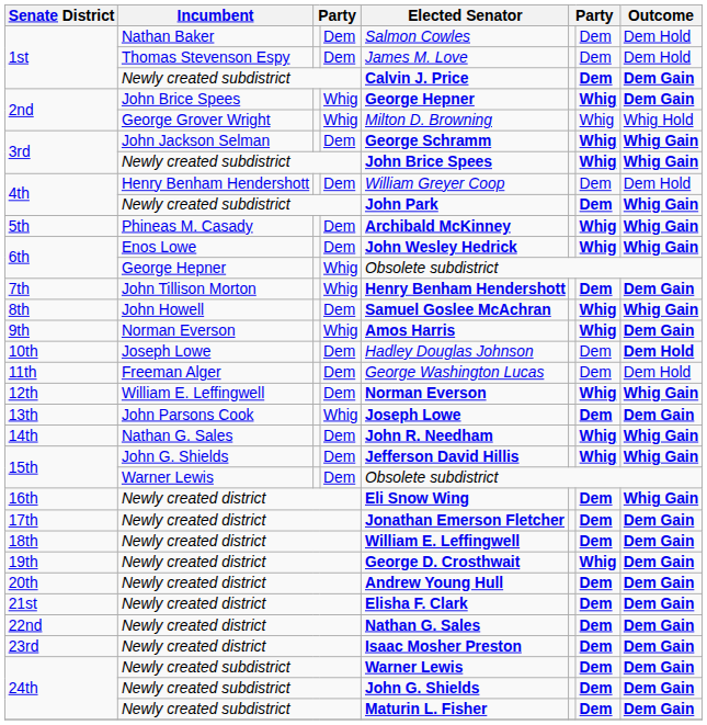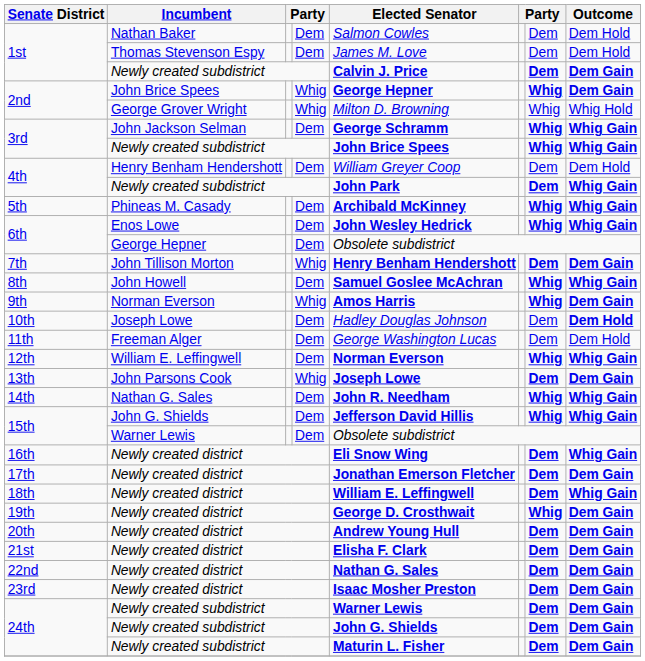 <table class="sortable wikitable" style="font-size:95%;line-height:14px;">
 <tr>
 <th class="sortable"><a href='#'>Senate</a> District</th>
 <th class="sortable"><a href='#'>Incumbent</a></th>
 <th colspan="2">Party</th>
 <th class="sortable">Elected Senator</th>
 <th colspan="2">Party</th>
 <th class="sortable">Outcome</th>
 </tr>
 <tr>
 <td rowspan="3"><a href='#'>1st</a></td>
 <td><a href='#'>Nathan Baker</a></td>
 <td style="background:"></td>
 <td><a href='#'>Dem</a></td>
 <td><em><a href='#'>Salmon Cowles</a></em></td>
 <td style="background:"></td>
 <td><a href='#'>Dem</a></td>
 <td><a href='#'>Dem Hold</a></td>
 </tr>
 <tr>
 <td><a href='#'>Thomas Stevenson Espy</a></td>
 <td style="background:"></td>
 <td><a href='#'>Dem</a></td>
 <td><em><a href='#'>James M. Love</a></em></td>
 <td style="background:"></td>
 <td><a href='#'>Dem</a></td>
 <td><a href='#'>Dem Hold</a></td>
 </tr>
 <tr>
 <td colspan="3" ><em>Newly created subdistrict</em></td>
 <td><strong><a href='#'>Calvin J. Price</a></strong></td>
 <td style="background:"></td>
 <td><strong><a href='#'>Dem</a></strong></td>
 <td><strong><a href='#'>Dem Gain</a></strong></td>
 </tr>
 <tr>
 <td rowspan="2"><a href='#'>2nd</a></td>
 <td><a href='#'>John Brice Spees</a></td>
 <td style="background:"></td>
 <td><a href='#'>Whig</a></td>
 <td><strong><a href='#'>George Hepner</a></strong></td>
 <td style="background:"></td>
 <td><strong><a href='#'>Whig</a></strong></td>
 <td><strong><a href='#'>Dem Gain</a></strong></td>
 </tr>
 <tr>
 <td><a href='#'>George Grover Wright</a></td>
 <td style="background:"></td>
 <td><a href='#'>Whig</a></td>
 <td><em><a href='#'>Milton D. Browning</a></em></td>
 <td style="background:"></td>
 <td><a href='#'>Whig</a></td>
 <td><a href='#'>Whig Hold</a></td>
 </tr>
 <tr>
 <td rowspan="2"><a href='#'>3rd</a></td>
 <td><a href='#'>John Jackson Selman</a></td>
 <td style="background:"></td>
 <td><a href='#'>Dem</a></td>
 <td><strong><a href='#'>George Schramm</a></strong></td>
 <td style="background:"></td>
 <td><strong><a href='#'>Whig</a></strong></td>
 <td><strong><a href='#'>Whig Gain</a></strong></td>
 </tr>
 <tr>
 <td colspan="3" ><em>Newly created subdistrict</em></td>
 <td><strong><a href='#'>John Brice Spees</a></strong></td>
 <td style="background:"></td>
 <td><strong><a href='#'>Whig</a></strong></td>
 <td><strong><a href='#'>Whig Gain</a></strong></td>
 </tr>
 <tr>
 <td rowspan="2"><a href='#'>4th</a></td>
 <td><a href='#'>Henry Benham Hendershott</a></td>
 <td style="background:"></td>
 <td><a href='#'>Dem</a></td>
 <td><em><a href='#'>William Greyer Coop</a></em></td>
 <td style="background:"></td>
 <td><a href='#'>Dem</a></td>
 <td><a href='#'>Dem Hold</a></td>
 </tr>
 <tr>
 <td colspan="3" ><em>Newly created subdistrict</em></td>
 <td><strong><a href='#'>John Park</a></strong></td>
 <td style="background:"></td>
 <td><strong><a href='#'>Dem</a></strong></td>
 <td><strong><a href='#'>Whig Gain</a></strong></td>
 </tr>
 <tr>
 <td><a href='#'>5th</a></td>
 <td><a href='#'>Phineas M. Casady</a></td>
 <td style="background:"></td>
 <td><a href='#'>Dem</a></td>
 <td><strong><a href='#'>Archibald McKinney</a></strong></td>
 <td style="background:"></td>
 <td><strong><a href='#'>Whig</a></strong></td>
 <td><strong><a href='#'>Whig Gain</a></strong></td>
 </tr>
 <tr>
 <td rowspan="2"><a href='#'>6th</a></td>
 <td><a href='#'>Enos Lowe</a></td>
 <td style="background:"></td>
 <td><a href='#'>Dem</a></td>
 <td><strong><a href='#'>John Wesley Hedrick</a></strong></td>
 <td style="background:"></td>
 <td><strong><a href='#'>Whig</a></strong></td>
 <td><strong><a href='#'>Whig Gain</a></strong></td>
 </tr>
 <tr>
 <td><a href='#'>George Hepner</a></td>
 <td style="background:"></td>
-<td><a href='#'>Whig</a></td>
+<td><a href='#'>Dem</a></td>
 <td colspan="4" ><em>Obsolete subdistrict</em></td>
 </tr>
 <tr>
 <td><a href='#'>7th</a></td>
 <td><a href='#'>John Tillison Morton</a></td>
 <td style="background:"></td>
 <td><a href='#'>Whig</a></td>
 <td><strong><a href='#'>Henry Benham Hendershott</a></strong></td>
 <td style="background:"></td>
 <td><strong><a href='#'>Dem</a></strong></td>
 <td><strong><a href='#'>Dem Gain</a></strong></td>
 </tr>
 <tr>
 <td><a href='#'>8th</a></td>
 <td><a href='#'>John Howell</a></td>
 <td style="background:"></td>
 <td><a href='#'>Dem</a></td>
 <td><strong><a href='#'>Samuel Goslee McAchran</a></strong></td>
 <td style="background:"></td>
 <td><strong><a href='#'>Whig</a></strong></td>
 <td><strong><a href='#'>Whig Gain</a></strong></td>
 </tr>
 <tr>
 <td><a href='#'>9th</a></td>
 <td><a href='#'>Norman Everson</a></td>
 <td style="background:"></td>
 <td><a href='#'>Whig</a></td>
 <td><strong><a href='#'>Amos Harris</a></strong></td>
 <td style="background:"></td>
 <td><strong><a href='#'>Whig</a></strong></td>
 <td><strong><a href='#'>Dem Gain</a></strong></td>
 </tr>
 <tr>
 <td><a href='#'>10th</a></td>
 <td><a href='#'>Joseph Lowe</a></td>
 <td style="background:"></td>
 <td><a href='#'>Dem</a></td>
 <td><em><a href='#'>Hadley Douglas Johnson</a></em></td>
 <td style="background:"></td>
 <td><a href='#'>Dem</a></td>
 <td><strong><a href='#'>Dem Hold</a></strong></td>
 </tr>
 <tr>
 <td><a href='#'>11th</a></td>
 <td><a href='#'>Freeman Alger</a></td>
 <td style="background:"></td>
 <td><a href='#'>Dem</a></td>
 <td><em><a href='#'>George Washington Lucas</a></em></td>
 <td style="background:"></td>
 <td><a href='#'>Dem</a></td>
 <td><a href='#'>Dem Hold</a></td>
 </tr>
 <tr>
 <td><a href='#'>12th</a></td>
 <td><a href='#'>William E. Leffingwell</a></td>
 <td style="background:"></td>
 <td><a href='#'>Dem</a></td>
 <td><strong><a href='#'>Norman Everson</a></strong></td>
 <td style="background:"></td>
 <td><strong><a href='#'>Whig</a></strong></td>
 <td><strong><a href='#'>Whig Gain</a></strong></td>
 </tr>
 <tr>
 <td><a href='#'>13th</a></td>
 <td><a href='#'>John Parsons Cook</a></td>
 <td style="background:"></td>
 <td><a href='#'>Whig</a></td>
 <td><strong><a href='#'>Joseph Lowe</a></strong></td>
 <td style="background:"></td>
 <td><strong><a href='#'>Dem</a></strong></td>
 <td><strong><a href='#'>Dem Gain</a></strong></td>
 </tr>
 <tr>
 <td><a href='#'>14th</a></td>
 <td><a href='#'>Nathan G. Sales</a></td>
 <td style="background:"></td>
 <td><a href='#'>Dem</a></td>
 <td><strong><a href='#'>John R. Needham</a></strong></td>
 <td style="background:"></td>
 <td><strong><a href='#'>Whig</a></strong></td>
 <td><strong><a href='#'>Whig Gain</a></strong></td>
 </tr>
 <tr>
 <td rowspan="2"><a href='#'>15th</a></td>
 <td><a href='#'>John G. Shields</a></td>
 <td style="background:"></td>
 <td><a href='#'>Dem</a></td>
 <td><strong><a href='#'>Jefferson David Hillis</a></strong></td>
 <td style="background:"></td>
 <td><strong><a href='#'>Whig</a></strong></td>
 <td><strong><a href='#'>Whig Gain</a></strong></td>
 </tr>
 <tr>
 <td><a href='#'>Warner Lewis</a></td>
 <td style="background:"></td>
 <td><a href='#'>Dem</a></td>
 <td colspan="4" ><em>Obsolete subdistrict</em></td>
 </tr>
 <tr>
 <td><a href='#'>16th</a></td>
 <td colspan="3" ><em>Newly created district</em></td>
 <td><strong><a href='#'>Eli Snow Wing</a></strong></td>
 <td style="background:"></td>
 <td><strong><a href='#'>Dem</a></strong></td>
 <td><strong><a href='#'>Whig Gain</a></strong></td>
 </tr>
 <tr>
 <td><a href='#'>17th</a></td>
 <td colspan="3" ><em>Newly created district</em></td>
 <td><strong><a href='#'>Jonathan Emerson Fletcher</a></strong></td>
 <td style="background:"></td>
 <td><strong><a href='#'>Dem</a></strong></td>
 <td><strong><a href='#'>Dem Gain</a></strong></td>
 </tr>
 <tr>
 <td><a href='#'>18th</a></td>
 <td colspan="3" ><em>Newly created district</em></td>
 <td><strong><a href='#'>William E. Leffingwell</a></strong></td>
 <td style="background:"></td>
 <td><strong><a href='#'>Dem</a></strong></td>
-<td><strong><a href='#'>Dem Gain</a></strong></td>
+<td><strong><a href='#'>Whig Gain</a></strong></td>
 </tr>
 <tr>
 <td><a href='#'>19th</a></td>
 <td colspan="3" ><em>Newly created district</em></td>
 <td><strong><a href='#'>George D. Crosthwait</a></strong></td>
 <td style="background:"></td>
 <td><strong><a href='#'>Whig</a></strong></td>
 <td><strong><a href='#'>Dem Gain</a></strong></td>
 </tr>
 <tr>
 <td><a href='#'>20th</a></td>
 <td colspan="3" ><em>Newly created district</em></td>
 <td><strong><a href='#'>Andrew Young Hull</a></strong></td>
 <td style="background:"></td>
 <td><strong><a href='#'>Dem</a></strong></td>
 <td><strong><a href='#'>Dem Gain</a></strong></td>
 </tr>
 <tr>
 <td><a href='#'>21st</a></td>
 <td colspan="3" ><em>Newly created district</em></td>
 <td><strong><a href='#'>Elisha F. Clark</a></strong></td>
 <td style="background:"></td>
 <td><strong><a href='#'>Dem</a></strong></td>
 <td><strong><a href='#'>Dem Gain</a></strong></td>
 </tr>
 <tr>
 <td><a href='#'>22nd</a></td>
 <td colspan="3" ><em>Newly created district</em></td>
 <td><strong><a href='#'>Nathan G. Sales</a></strong></td>
 <td style="background:"></td>
 <td><strong><a href='#'>Dem</a></strong></td>
 <td><strong><a href='#'>Dem Gain</a></strong></td>
 </tr>
 <tr>
 <td><a href='#'>23rd</a></td>
 <td colspan="3" ><em>Newly created district</em></td>
 <td><strong><a href='#'>Isaac Mosher Preston</a></strong></td>
 <td style="background:"></td>
 <td><strong><a href='#'>Dem</a></strong></td>
 <td><strong><a href='#'>Dem Gain</a></strong></td>
 </tr>
 <tr>
 <td rowspan="3"><a href='#'>24th</a></td>
 <td colspan="3" ><em>Newly created subdistrict</em></td>
 <td><strong><a href='#'>Warner Lewis</a></strong></td>
 <td style="background:"></td>
 <td><strong><a href='#'>Dem</a></strong></td>
 <td><strong><a href='#'>Dem Gain</a></strong></td>
 </tr>
 <tr>
 <td colspan="3" ><em>Newly created subdistrict</em></td>
 <td><strong><a href='#'>John G. Shields</a></strong></td>
 <td style="background:"></td>
 <td><strong><a href='#'>Dem</a></strong></td>
 <td><strong><a href='#'>Dem Gain</a></strong></td>
 </tr>
 <tr>
 <td colspan="3" ><em>Newly created subdistrict</em></td>
 <td><strong><a href='#'>Maturin L. Fisher</a></strong></td>
 <td style="background:"></td>
 <td><strong><a href='#'>Dem</a></strong></td>
 <td><strong><a href='#'>Dem Gain</a></strong></td>
 </tr>
 <tr>
 </tr>
 </table>
